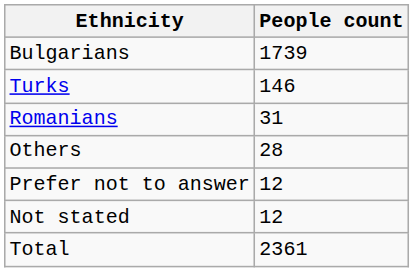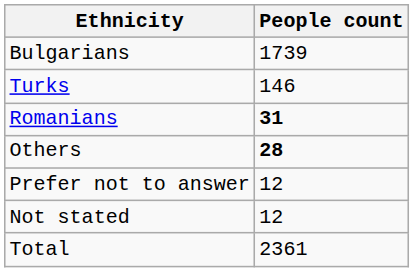 <table class="wikitable">
 <tr>
 <th>Ethnicity</th>
 <th>People count</th>
 </tr>
 <tr>
 <td>Bulgarians</td>
 <td>1739</td>
 </tr>
 <tr>
 <td><a href='#'>Turks</a></td>
 <td>146</td>
 </tr>
 <tr>
 <td><a href='#'>Romanians</a></td>
-<td>31</td>
+<td><strong>31</strong></td>
 </tr>
 <tr>
 <td>Others</td>
-<td>28</td>
+<td><strong>28</strong></td>
 </tr>
 <tr>
 <td>Prefer not to answer</td>
 <td>12</td>
 </tr>
 <tr>
 <td>Not stated</td>
 <td>12</td>
 </tr>
 <tr>
 <td>Total</td>
 <td>2361</td>
 </tr>
 </table>
